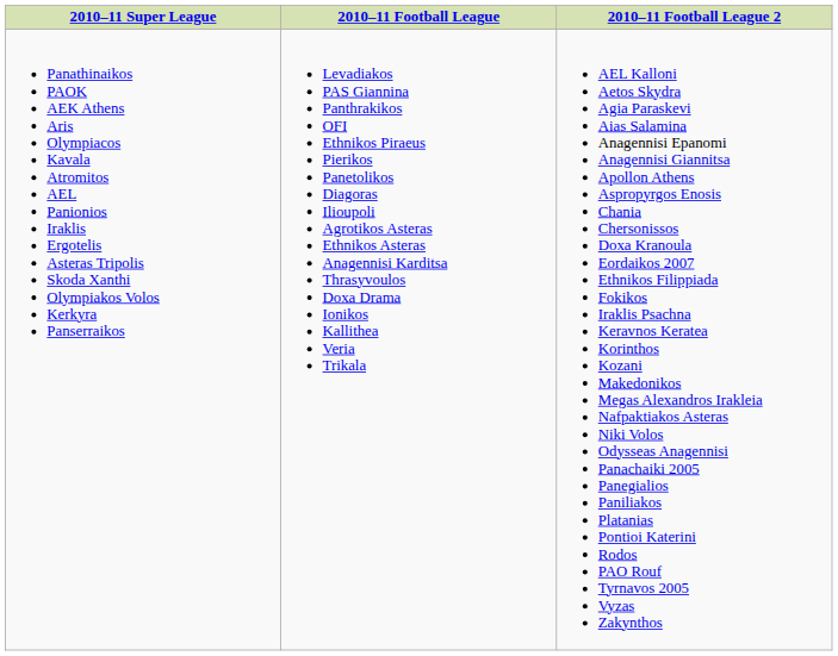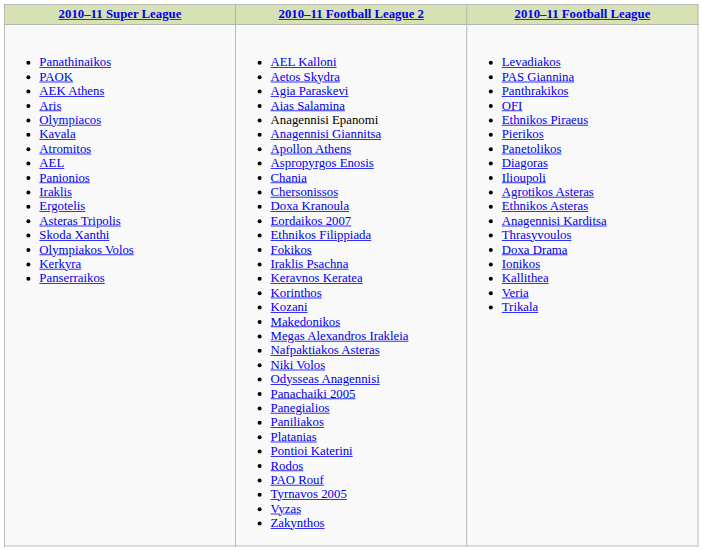 <table class="wikitable">
 <tr valign="top" bgcolor="#D6E2B3">
 <td align="center" width="25%"><strong><a href='#'>2010–11 Super League</a></strong></td>
+<td align="center" width="25%"><strong><a href='#'>2010–11 Football League 2</a></strong></td>
 <td align="center" width="25%"><strong><a href='#'>2010–11 Football League</a></strong></td>
-<td align="center" width="25%"><strong><a href='#'>2010–11 Football League 2</a></strong></td>
 </tr>
 <tr valign="top">
 <td><br><ul><li><a href='#'>Panathinaikos</a></li><li><a href='#'>PAOK</a></li><li><a href='#'>AEK Athens</a></li><li><a href='#'>Aris</a></li><li><a href='#'>Olympiacos</a></li><li><a href='#'>Kavala</a></li><li><a href='#'>Atromitos</a></li><li><a href='#'>AEL</a></li><li><a href='#'>Panionios</a></li><li><a href='#'>Iraklis</a></li><li><a href='#'>Ergotelis</a></li><li><a href='#'>Asteras Tripolis</a></li><li><a href='#'>Skoda Xanthi</a></li><li><a href='#'>Olympiakos Volos</a></li><li><a href='#'>Kerkyra</a></li><li><a href='#'>Panserraikos</a></li></ul></td>
+<td><br><ul><li><a href='#'>AEL Kalloni</a></li><li><a href='#'>Aetos Skydra</a></li><li><a href='#'>Agia Paraskevi</a></li><li><a href='#'>Aias Salamina</a></li><li>Anagennisi Epanomi</li><li><a href='#'>Anagennisi Giannitsa</a></li><li><a href='#'>Apollon Athens</a></li><li><a href='#'>Aspropyrgos Enosis</a></li><li><a href='#'>Chania</a></li><li><a href='#'>Chersonissos</a></li><li><a href='#'>Doxa Kranoula</a></li><li><a href='#'>Eordaikos 2007</a></li><li><a href='#'>Ethnikos Filippiada</a></li><li><a href='#'>Fokikos</a></li><li><a href='#'>Iraklis Psachna</a></li><li><a href='#'>Keravnos Keratea</a></li><li><a href='#'>Korinthos</a></li><li><a href='#'>Kozani</a></li><li><a href='#'>Makedonikos</a></li><li><a href='#'>Megas Alexandros Irakleia</a></li><li><a href='#'>Nafpaktiakos Asteras</a></li><li><a href='#'>Niki Volos</a></li><li><a href='#'>Odysseas Anagennisi</a></li><li><a href='#'>Panachaiki 2005</a></li><li><a href='#'>Panegialios</a></li><li><a href='#'>Paniliakos</a></li><li><a href='#'>Platanias</a></li><li><a href='#'>Pontioi Katerini</a></li><li><a href='#'>Rodos</a></li><li><a href='#'>PAO Rouf</a></li><li><a href='#'>Tyrnavos 2005</a></li><li><a href='#'>Vyzas</a></li><li><a href='#'>Zakynthos</a></li></ul></td>
 <td><br><ul><li><a href='#'>Levadiakos</a></li><li><a href='#'>PAS Giannina</a></li><li><a href='#'>Panthrakikos</a></li><li><a href='#'>OFI</a></li><li><a href='#'>Ethnikos Piraeus</a></li><li><a href='#'>Pierikos</a></li><li><a href='#'>Panetolikos</a></li><li><a href='#'>Diagoras</a></li><li><a href='#'>Ilioupoli</a></li><li><a href='#'>Agrotikos Asteras</a></li><li><a href='#'>Ethnikos Asteras</a></li><li><a href='#'>Anagennisi Karditsa</a></li><li><a href='#'>Thrasyvoulos</a></li><li><a href='#'>Doxa Drama</a></li><li><a href='#'>Ionikos</a></li><li><a href='#'>Kallithea</a></li><li><a href='#'>Veria</a></li><li><a href='#'>Trikala</a></li></ul></td>
-<td><br><ul><li><a href='#'>AEL Kalloni</a></li><li><a href='#'>Aetos Skydra</a></li><li><a href='#'>Agia Paraskevi</a></li><li><a href='#'>Aias Salamina</a></li><li>Anagennisi Epanomi</li><li><a href='#'>Anagennisi Giannitsa</a></li><li><a href='#'>Apollon Athens</a></li><li><a href='#'>Aspropyrgos Enosis</a></li><li><a href='#'>Chania</a></li><li><a href='#'>Chersonissos</a></li><li><a href='#'>Doxa Kranoula</a></li><li><a href='#'>Eordaikos 2007</a></li><li><a href='#'>Ethnikos Filippiada</a></li><li><a href='#'>Fokikos</a></li><li><a href='#'>Iraklis Psachna</a></li><li><a href='#'>Keravnos Keratea</a></li><li><a href='#'>Korinthos</a></li><li><a href='#'>Kozani</a></li><li><a href='#'>Makedonikos</a></li><li><a href='#'>Megas Alexandros Irakleia</a></li><li><a href='#'>Nafpaktiakos Asteras</a></li><li><a href='#'>Niki Volos</a></li><li><a href='#'>Odysseas Anagennisi</a></li><li><a href='#'>Panachaiki 2005</a></li><li><a href='#'>Panegialios</a></li><li><a href='#'>Paniliakos</a></li><li><a href='#'>Platanias</a></li><li><a href='#'>Pontioi Katerini</a></li><li><a href='#'>Rodos</a></li><li><a href='#'>PAO Rouf</a></li><li><a href='#'>Tyrnavos 2005</a></li><li><a href='#'>Vyzas</a></li><li><a href='#'>Zakynthos</a></li></ul></td>
 </tr>
 </table>
